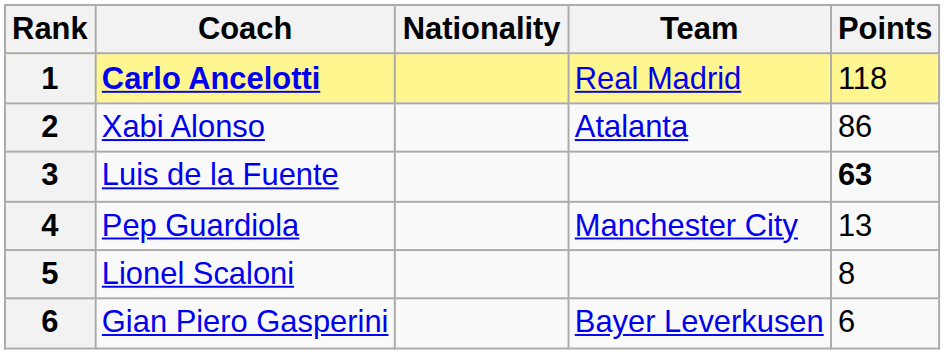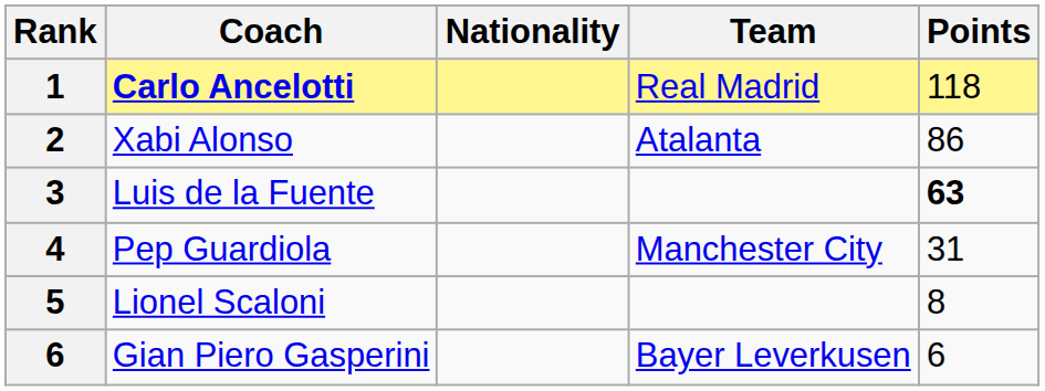 <table class="wikitable sortable">
 <tr>
 <th>Rank</th>
 <th>Coach</th>
 <th>Nationality</th>
 <th>Team</th>
 <th>Points</th>
 </tr>
 <tr style="background-color:#FFF68F">
 <th scope="row">1</th>
 <td><strong><a href='#'>Carlo Ancelotti</a></strong></td>
 <td></td>
 <td> <a href='#'>Real Madrid</a></td>
 <td>118</td>
 </tr>
 <tr>
 <th scope="row">2</th>
 <td><a href='#'>Xabi Alonso</a></td>
 <td></td>
 <td> <a href='#'>Atalanta</a></td>
 <td>86</td>
 </tr>
 <tr>
 <th scope="row">3</th>
 <td><a href='#'>Luis de la Fuente</a></td>
 <td></td>
 <td></td>
 <td><strong>63</strong></td>
 </tr>
 <tr>
 <th scope="row">4</th>
 <td><a href='#'>Pep Guardiola</a></td>
 <td></td>
 <td> <a href='#'>Manchester City</a></td>
-<td>13</td>
+<td>31</td>
 </tr>
 <tr>
 <th scope="row">5</th>
 <td><a href='#'>Lionel Scaloni</a></td>
 <td></td>
 <td></td>
 <td>8</td>
 </tr>
 <tr>
 <th scope="row">6</th>
 <td><a href='#'>Gian Piero Gasperini</a></td>
 <td></td>
 <td> <a href='#'>Bayer Leverkusen</a></td>
 <td>6</td>
 </tr>
 </table>
